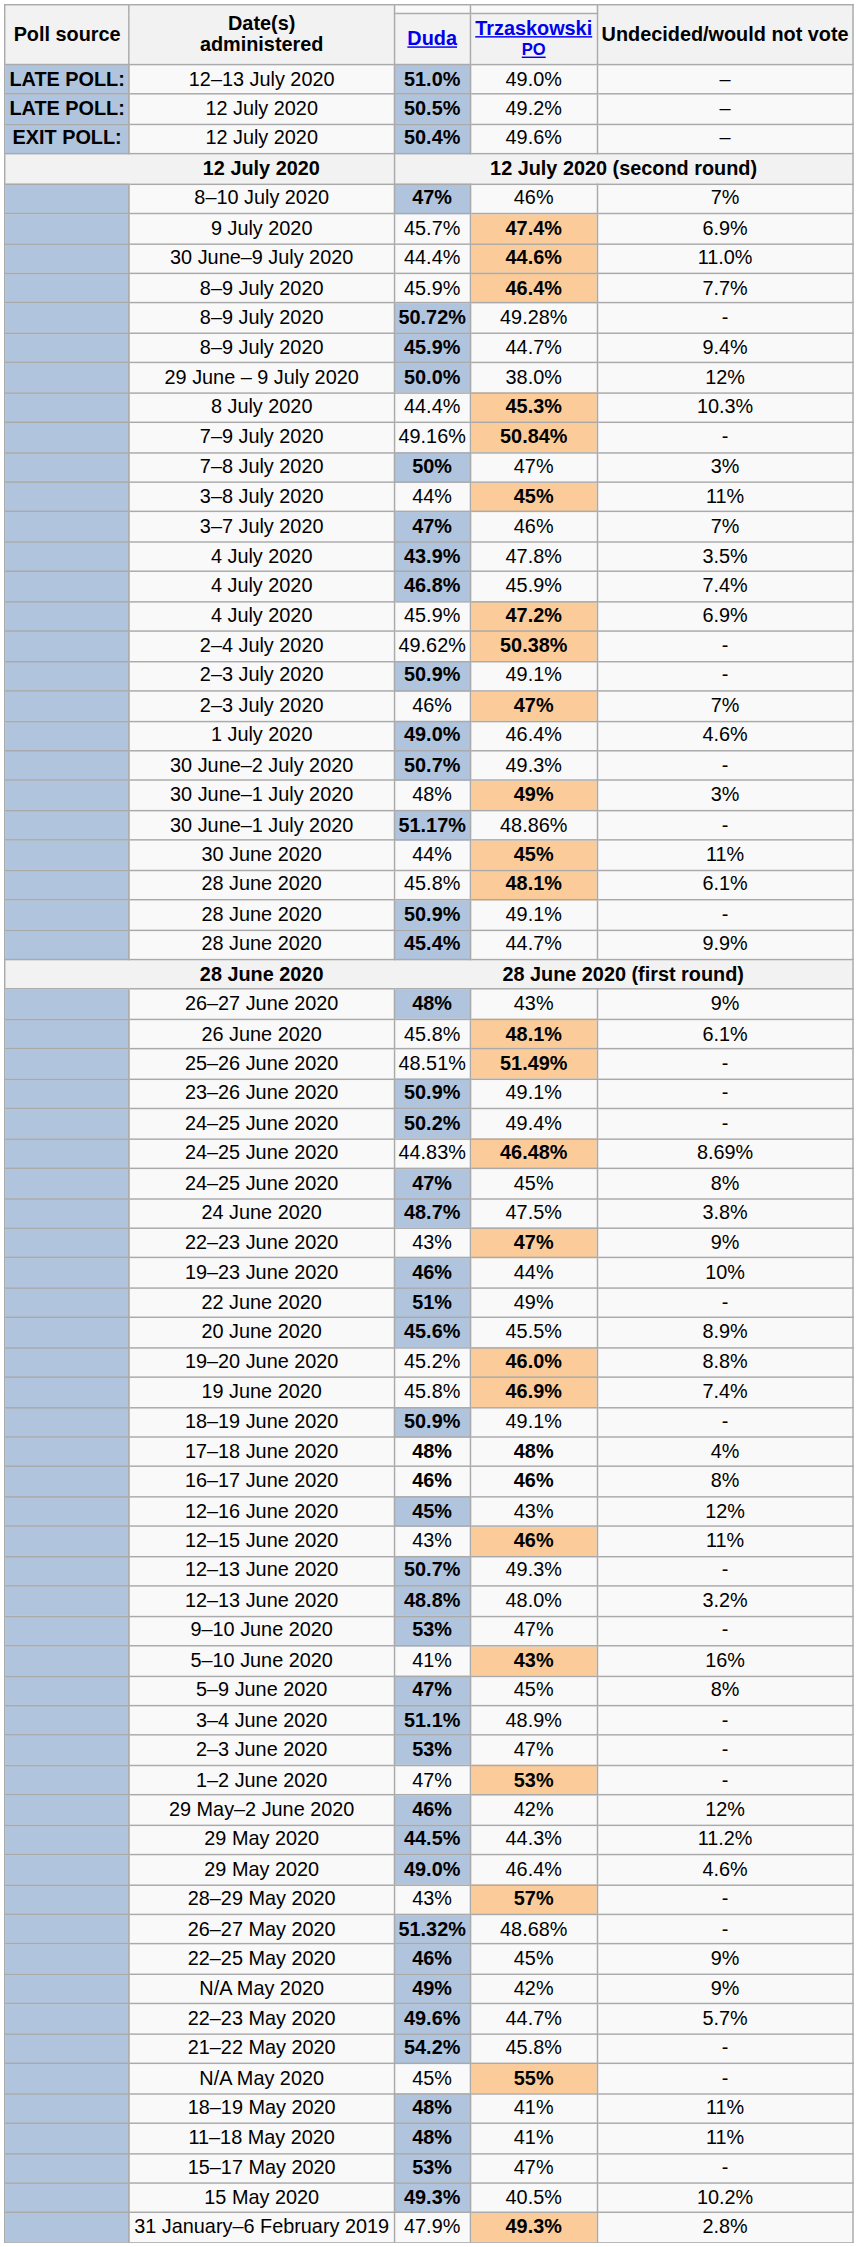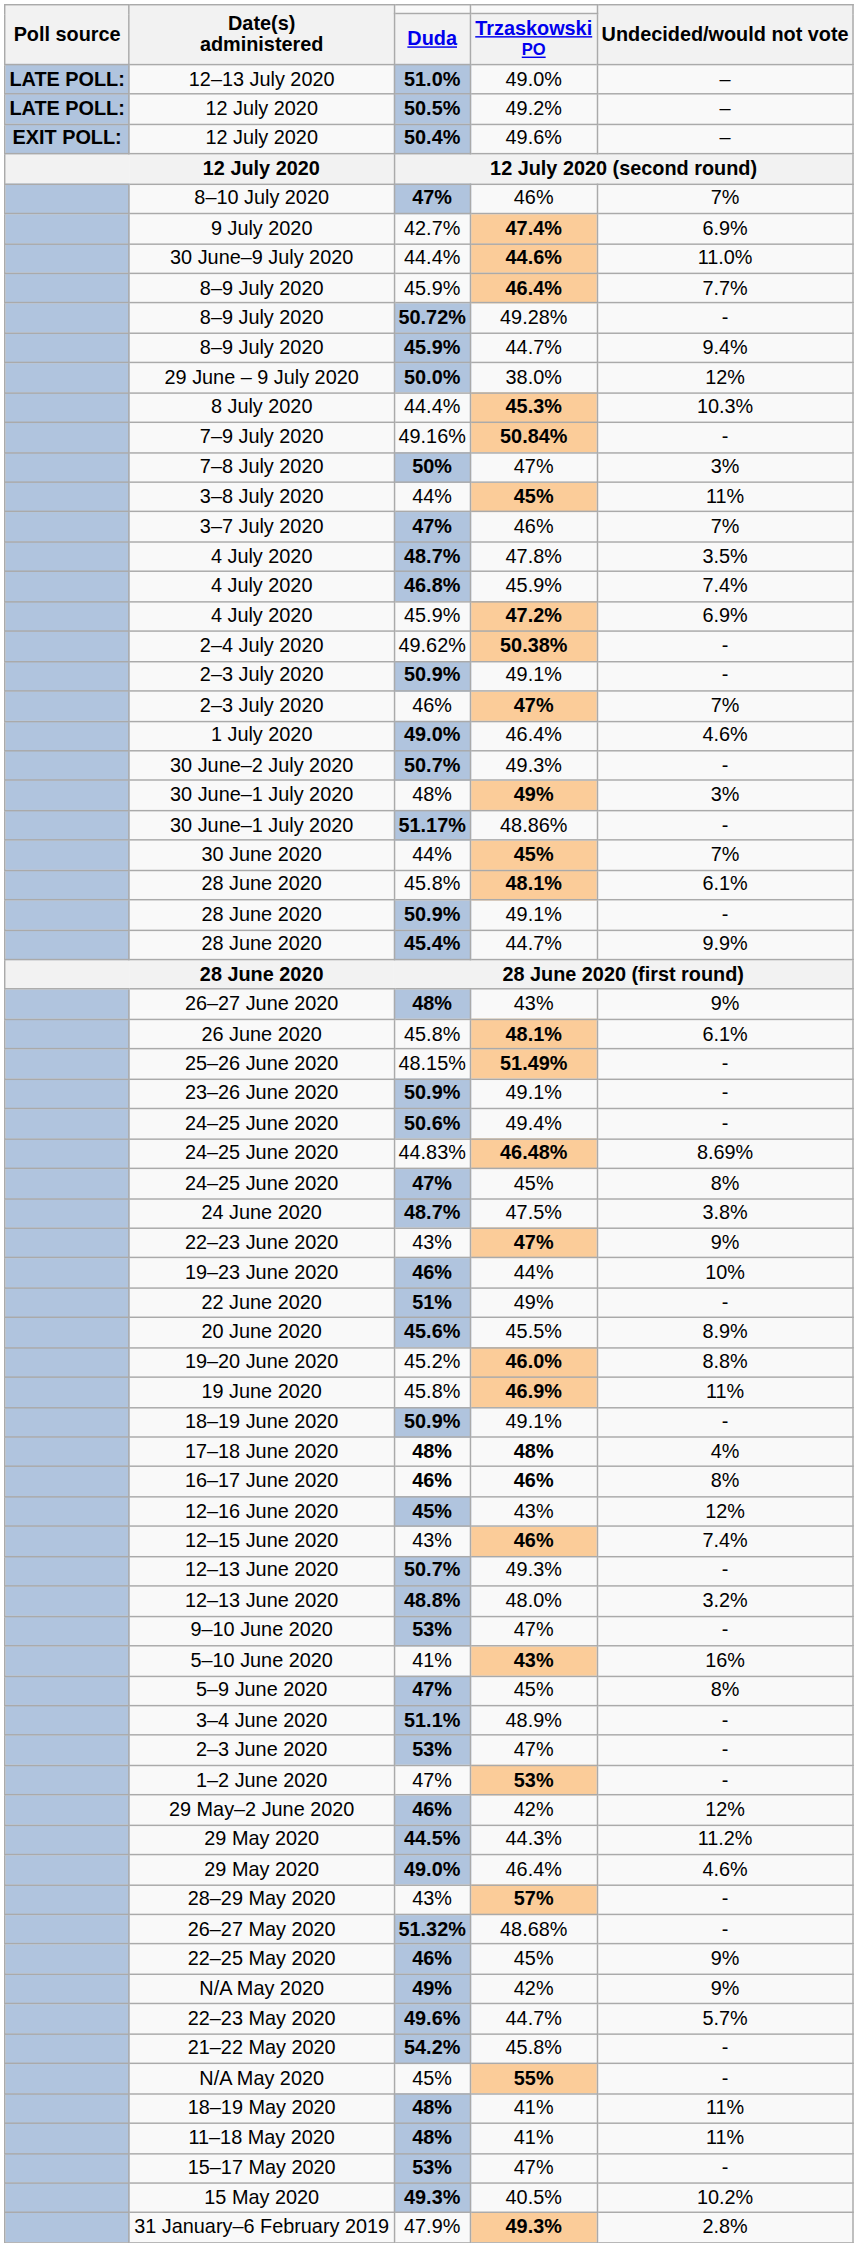 <table class="wikitable" style="text-align:center;font-size:85%;line-height:14px;">
 <tr>
 <th rowspan="2">Poll source</th>
 <th rowspan="2">Date(s)<br>administered</th>
 <td></td>
 <td></td>
 <th rowspan="2">Undecided/would not vote</th>
 </tr>
 <tr>
 <th><a href='#'>Duda</a><br></th>
 <th><a href='#'>Trzaskowski</a><br><small><a href='#'>PO</a></small></th>
 </tr>
 <tr>
 <td style="background:lightsteelblue;"><strong>LATE POLL:</strong><br> </td>
 <td>12–13 July 2020</td>
 <td style="background:lightsteelblue;"><strong>51.0%</strong></td>
 <td>49.0%</td>
 <td>–</td>
 </tr>
 <tr>
 <td style="background:lightsteelblue;"><strong>LATE POLL:</strong><br> </td>
 <td>12 July 2020</td>
 <td style="background:lightsteelblue;"><strong>50.5%</strong></td>
 <td>49.2%</td>
 <td>–</td>
 </tr>
 <tr>
 <td style="background:lightsteelblue;"><strong>EXIT POLL:</strong><br> </td>
 <td>12 July 2020</td>
 <td style="background:lightsteelblue;"><strong>50.4%</strong></td>
 <td>49.6%</td>
 <td>–</td>
 </tr>
 <tr>
 <th style="border-right-style:hidden;"></th>
 <th style="border-rightoran-style:hidden;" data-sort-value="2020-06-28">12 July 2020</th>
 <th colspan="8"><strong>12 July 2020 (second round)</strong></th>
 </tr>
 <tr>
 <td style="background:lightsteelblue;"></td>
 <td>8–10 July 2020</td>
 <td style="background:lightsteelblue;"><strong>47%</strong></td>
 <td>46%</td>
 <td>7%</td>
 </tr>
 <tr>
 <td style="background:lightsteelblue;"></td>
 <td>9 July 2020</td>
-<td>45.7%</td>
+<td>42.7%</td>
 <td style="background:#fbcc99;"><strong>47.4%</strong></td>
 <td>6.9%</td>
 </tr>
 <tr>
 <td style="background:lightsteelblue;"></td>
 <td>30 June–9 July 2020</td>
 <td>44.4%</td>
 <td style="background:#fbcc99;"><strong>44.6%</strong></td>
 <td>11.0%</td>
 </tr>
 <tr>
 <td style="background:lightsteelblue;"></td>
 <td>8–9 July 2020</td>
 <td>45.9%</td>
 <td style="background:#fbcc99;"><strong>46.4%</strong></td>
 <td>7.7%</td>
 </tr>
 <tr>
 <td style="background:lightsteelblue;"></td>
 <td>8–9 July 2020</td>
 <td style="background:lightsteelblue;"><strong>50.72%</strong></td>
 <td>49.28%</td>
 <td>-</td>
 </tr>
 <tr>
 <td style="background:lightsteelblue;"></td>
 <td>8–9 July 2020</td>
 <td style="background:lightsteelblue;"><strong>45.9%</strong></td>
 <td>44.7%</td>
 <td>9.4%</td>
 </tr>
 <tr>
 <td style="background:lightsteelblue;"></td>
 <td>29 June – 9 July 2020</td>
 <td style="background:lightsteelblue;"><strong>50.0%</strong></td>
 <td>38.0%</td>
 <td>12%</td>
 </tr>
 <tr>
 <td style="background:lightsteelblue;"></td>
 <td>8 July 2020</td>
 <td>44.4%</td>
 <td style="background:#fbcc99;"><strong>45.3%</strong></td>
 <td>10.3%</td>
 </tr>
 <tr>
 <td style="background:lightsteelblue;"></td>
 <td>7–9 July 2020</td>
 <td>49.16%</td>
 <td style="background:#fbcc99;"><strong>50.84%</strong></td>
 <td>-</td>
 </tr>
 <tr>
 <td style="background:lightsteelblue;"></td>
 <td>7–8 July 2020</td>
 <td style="background:lightsteelblue;"><strong>50%</strong></td>
 <td>47%</td>
 <td>3%</td>
 </tr>
 <tr>
 <td style="background:lightsteelblue;"></td>
 <td>3–8 July 2020</td>
 <td>44%</td>
 <td style="background:#fbcc99;"><strong>45%</strong></td>
 <td>11%</td>
 </tr>
 <tr>
 <td style="background:lightsteelblue;"></td>
 <td>3–7 July 2020</td>
 <td style="background:lightsteelblue;"><strong>47%</strong></td>
 <td>46%</td>
 <td>7%</td>
 </tr>
 <tr>
 <td style="background:lightsteelblue;"></td>
 <td>4 July 2020</td>
-<td style="background:lightsteelblue;"><strong>43.9%</strong></td>
+<td style="background:lightsteelblue;"><strong>48.7%</strong></td>
 <td>47.8%</td>
 <td>3.5%</td>
 </tr>
 <tr>
 <td style="background:lightsteelblue;"></td>
 <td>4 July 2020</td>
 <td style="background:lightsteelblue;"><strong>46.8%</strong></td>
 <td>45.9%</td>
 <td>7.4%</td>
 </tr>
 <tr>
 <td style="background:lightsteelblue;"></td>
 <td>4 July 2020</td>
 <td>45.9%</td>
 <td style="background:#fbcc99;"><strong>47.2%</strong></td>
 <td>6.9%</td>
 </tr>
 <tr>
 <td style="background:lightsteelblue;"></td>
 <td>2–4 July 2020</td>
 <td>49.62%</td>
 <td style="background:#fbcc99;"><strong>50.38%</strong></td>
 <td>-</td>
 </tr>
 <tr>
 <td style="background:lightsteelblue;"></td>
 <td>2–3 July 2020</td>
 <td style="background:lightsteelblue;"><strong>50.9%</strong></td>
 <td>49.1%</td>
 <td>-</td>
 </tr>
 <tr>
 <td style="background:lightsteelblue;"></td>
 <td>2–3 July 2020</td>
 <td>46%</td>
 <td style="background:#fbcc99;"><strong>47%</strong></td>
 <td>7%</td>
 </tr>
 <tr>
 <td style="background:lightsteelblue;"></td>
 <td>1 July 2020</td>
 <td style="background:lightsteelblue;"><strong>49.0%</strong></td>
 <td>46.4%</td>
 <td>4.6%</td>
 </tr>
 <tr>
 <td style="background:lightsteelblue;"></td>
 <td>30 June–2 July 2020</td>
 <td style="background:lightsteelblue;"><strong>50.7%</strong></td>
 <td>49.3%</td>
 <td>-</td>
 </tr>
 <tr>
 <td style="background:lightsteelblue;"></td>
 <td>30 June–1 July 2020</td>
 <td>48%</td>
 <td style="background:#fbcc99;"><strong>49%</strong></td>
 <td>3%</td>
 </tr>
 <tr>
 <td style="background:lightsteelblue;"></td>
 <td>30 June–1 July 2020</td>
 <td style="background:lightsteelblue;"><strong>51.17%</strong></td>
 <td>48.86%</td>
 <td>-</td>
 </tr>
 <tr>
 <td style="background:lightsteelblue;"></td>
 <td>30 June 2020</td>
 <td>44%</td>
 <td style="background:#fbcc99;"><strong>45%</strong></td>
-<td>11%</td>
+<td>7%</td>
 </tr>
 <tr>
 <td style="background:lightsteelblue;"></td>
 <td>28 June 2020</td>
 <td>45.8%</td>
 <td style="background:#fbcc99;"><strong>48.1%</strong></td>
 <td>6.1%</td>
 </tr>
 <tr>
 <td style="background:lightsteelblue;"></td>
 <td>28 June 2020</td>
 <td style="background:lightsteelblue;"><strong>50.9%</strong></td>
 <td>49.1%</td>
 <td>-</td>
 </tr>
 <tr>
 <td style="background:lightsteelblue;"></td>
 <td>28 June 2020</td>
 <td style="background:lightsteelblue;"><strong>45.4%</strong></td>
 <td>44.7%</td>
 <td>9.9%</td>
 </tr>
 <tr>
 <th style="border-right-style:hidden;"></th>
 <th style="border-right-style:hidden;" data-sort-value="2020-06-28">28 June 2020</th>
 <th colspan="3"><strong>28 June 2020 (first round)</strong></th>
 </tr>
 <tr>
 <td style="background:lightsteelblue;"></td>
 <td>26–27 June 2020</td>
 <td style="background:lightsteelblue;"><strong>48%</strong></td>
 <td>43%</td>
 <td>9%</td>
 </tr>
 <tr>
 <td style="background:lightsteelblue;"></td>
 <td>26 June 2020</td>
 <td>45.8%</td>
 <td style="background:#fbcc99;"><strong>48.1%</strong></td>
 <td>6.1%</td>
 </tr>
 <tr>
 <td style="background:lightsteelblue;"></td>
 <td>25–26 June 2020</td>
-<td>48.51%</td>
+<td>48.15%</td>
 <td style="background:#fbcc99;"><strong>51.49%</strong></td>
 <td>-</td>
 </tr>
 <tr>
 <td style="background:lightsteelblue;"></td>
 <td>23–26 June 2020</td>
 <td style="background:lightsteelblue;"><strong>50.9%</strong></td>
 <td>49.1%</td>
 <td>-</td>
 </tr>
 <tr>
 <td style="background:lightsteelblue;"></td>
 <td>24–25 June 2020</td>
-<td style="background:lightsteelblue;"><strong>50.2%</strong></td>
+<td style="background:lightsteelblue;"><strong>50.6%</strong></td>
 <td>49.4%</td>
 <td>-</td>
 </tr>
 <tr>
 <td style="background:lightsteelblue;"></td>
 <td>24–25 June 2020</td>
 <td>44.83%</td>
 <td style="background:#fbcc99;"><strong>46.48%</strong></td>
 <td>8.69%</td>
 </tr>
 <tr>
 <td style="background:lightsteelblue;"></td>
 <td>24–25 June 2020</td>
 <td style="background:lightsteelblue;"><strong>47%</strong></td>
 <td>45%</td>
 <td>8%</td>
 </tr>
 <tr>
 <td style="background:lightsteelblue;"></td>
 <td>24 June 2020</td>
 <td style="background:lightsteelblue;"><strong>48.7%</strong></td>
 <td>47.5%</td>
 <td>3.8%</td>
 </tr>
 <tr>
 <td style="background:lightsteelblue;"></td>
 <td>22–23 June 2020</td>
 <td>43%</td>
 <td style="background:#fbcc99;"><strong>47%</strong></td>
 <td>9%</td>
 </tr>
 <tr>
 <td style="background:lightsteelblue;"></td>
 <td>19–23 June 2020</td>
 <td style="background:lightsteelblue;"><strong>46%</strong></td>
 <td>44%</td>
 <td>10%</td>
 </tr>
 <tr>
 <td style="background:lightsteelblue;"></td>
 <td>22 June 2020</td>
 <td style="background:lightsteelblue;"><strong>51%</strong></td>
 <td>49%</td>
 <td>-</td>
 </tr>
 <tr>
 <td style="background:lightsteelblue;"></td>
 <td>20 June 2020</td>
 <td style="background:lightsteelblue;"><strong>45.6%</strong></td>
 <td>45.5%</td>
 <td>8.9%</td>
 </tr>
 <tr>
 <td style="background:lightsteelblue;"></td>
 <td>19–20 June 2020</td>
 <td>45.2%</td>
 <td style="background:#fbcc99;"><strong>46.0%</strong></td>
 <td>8.8%</td>
 </tr>
 <tr>
 <td style="background:lightsteelblue;"></td>
 <td>19 June 2020</td>
 <td>45.8%</td>
 <td style="background:#fbcc99;"><strong>46.9%</strong></td>
-<td>7.4%</td>
+<td>11%</td>
 </tr>
 <tr>
 <td style="background:lightsteelblue;"></td>
 <td>18–19 June 2020</td>
 <td style="background:lightsteelblue;"><strong>50.9%</strong></td>
 <td>49.1%</td>
 <td>-</td>
 </tr>
 <tr>
 <td style="background:lightsteelblue;"></td>
 <td>17–18 June 2020</td>
 <td><strong>48%</strong></td>
 <td><strong>48%</strong></td>
 <td>4%</td>
 </tr>
 <tr>
 <td style="background:lightsteelblue;"></td>
 <td>16–17 June 2020</td>
 <td><strong>46%</strong></td>
 <td><strong>46%</strong></td>
 <td>8%</td>
 </tr>
 <tr>
 <td style="background:lightsteelblue;"></td>
 <td>12–16 June 2020</td>
 <td style="background:lightsteelblue;"><strong>45%</strong></td>
 <td>43%</td>
 <td>12%</td>
 </tr>
 <tr>
 <td style="background:lightsteelblue;"></td>
 <td>12–15 June 2020</td>
 <td>43%</td>
 <td style="background:#fbcc99;"><strong>46%</strong></td>
-<td>11%</td>
+<td>7.4%</td>
 </tr>
 <tr>
 <td style="background:lightsteelblue;"></td>
 <td>12–13 June 2020</td>
 <td style="background:lightsteelblue;"><strong>50.7%</strong></td>
 <td>49.3%</td>
 <td>-</td>
 </tr>
 <tr>
 <td style="background:lightsteelblue;"></td>
 <td>12–13 June 2020</td>
 <td style="background:lightsteelblue;"><strong>48.8%</strong></td>
 <td>48.0%</td>
 <td>3.2%</td>
 </tr>
 <tr>
 <td style="background:lightsteelblue;"></td>
 <td>9–10 June 2020</td>
 <td style="background:lightsteelblue;"><strong>53%</strong></td>
 <td>47%</td>
 <td>-</td>
 </tr>
 <tr>
 <td style="background:lightsteelblue;"></td>
 <td>5–10 June 2020</td>
 <td>41%</td>
 <td style="background:#fbcc99;"><strong>43%</strong></td>
 <td>16%</td>
 </tr>
 <tr>
 <td style="background:lightsteelblue;"></td>
 <td>5–9 June 2020</td>
 <td style="background:lightsteelblue;"><strong>47%</strong></td>
 <td>45%</td>
 <td>8%</td>
 </tr>
 <tr>
 <td style="background:lightsteelblue;"></td>
 <td>3–4 June 2020</td>
 <td style="background:lightsteelblue;"><strong>51.1%</strong></td>
 <td>48.9%</td>
 <td>-</td>
 </tr>
 <tr>
 <td style="background:lightsteelblue;"></td>
 <td>2–3 June 2020</td>
 <td style="background:lightsteelblue;"><strong>53%</strong></td>
 <td>47%</td>
 <td>-</td>
 </tr>
 <tr>
 <td style="background:lightsteelblue;"></td>
 <td>1–2 June 2020</td>
 <td>47%</td>
 <td style="background:#fbcc99;"><strong>53%</strong></td>
 <td>-</td>
 </tr>
 <tr>
 <td style="background:lightsteelblue;"></td>
 <td>29 May–2 June 2020</td>
 <td style="background:lightsteelblue;"><strong>46%</strong></td>
 <td>42%</td>
 <td>12%</td>
 </tr>
 <tr>
 <td style="background:lightsteelblue;"></td>
 <td>29 May 2020</td>
 <td style="background:lightsteelblue;"><strong>44.5%</strong></td>
 <td>44.3%</td>
 <td>11.2%</td>
 </tr>
 <tr>
 <td style="background:lightsteelblue;"></td>
 <td>29 May 2020</td>
 <td style="background:lightsteelblue;"><strong>49.0%</strong></td>
 <td>46.4%</td>
 <td>4.6%</td>
 </tr>
 <tr>
 <td style="background:lightsteelblue;"></td>
 <td>28–29 May 2020</td>
 <td>43%</td>
 <td style="background:#fbcc99;"><strong>57%</strong></td>
 <td>-</td>
 </tr>
 <tr>
 <td style="background:lightsteelblue;"></td>
 <td>26–27 May 2020</td>
 <td style="background:lightsteelblue;"><strong>51.32%</strong></td>
 <td>48.68%</td>
 <td>-</td>
 </tr>
 <tr>
 <td style="background:lightsteelblue;"></td>
 <td>22–25 May 2020</td>
 <td style="background:lightsteelblue;"><strong>46%</strong></td>
 <td>45%</td>
 <td>9%</td>
 </tr>
 <tr>
 <td style="background:lightsteelblue;"></td>
 <td>N/A May 2020</td>
 <td style="background:lightsteelblue;"><strong>49%</strong></td>
 <td>42%</td>
 <td>9%</td>
 </tr>
 <tr>
 <td style="background:lightsteelblue;"></td>
 <td>22–23 May 2020</td>
 <td style="background:lightsteelblue;"><strong>49.6%</strong></td>
 <td>44.7%</td>
 <td>5.7%</td>
 </tr>
 <tr>
 <td style="background:lightsteelblue;"></td>
 <td>21–22 May 2020</td>
 <td style="background:lightsteelblue;"><strong>54.2%</strong></td>
 <td>45.8%</td>
 <td>-</td>
 </tr>
 <tr>
 <td style="background:lightsteelblue;"></td>
 <td>N/A May 2020</td>
 <td>45%</td>
 <td style="background:#fbcc99;"><strong>55%</strong></td>
 <td>-</td>
 </tr>
 <tr>
 <td style="background:lightsteelblue;"></td>
 <td>18–19 May 2020</td>
 <td style="background:lightsteelblue;"><strong>48%</strong></td>
 <td>41%</td>
 <td>11%</td>
 </tr>
 <tr>
 <td style="background:lightsteelblue;"></td>
 <td>11–18 May 2020</td>
 <td style="background:lightsteelblue;"><strong>48%</strong></td>
 <td>41%</td>
 <td>11%</td>
 </tr>
 <tr>
 <td style="background:lightsteelblue;"></td>
 <td>15–17 May 2020</td>
 <td style="background:lightsteelblue;"><strong>53%</strong></td>
 <td>47%</td>
 <td>-</td>
 </tr>
 <tr>
 <td style="background:lightsteelblue;"></td>
 <td>15 May 2020</td>
 <td style="background:lightsteelblue;"><strong>49.3%</strong></td>
 <td>40.5%</td>
 <td>10.2%</td>
 </tr>
 <tr>
 <td style="background:lightsteelblue;"></td>
 <td>31 January–6 February 2019</td>
 <td>47.9%</td>
 <td style="background:#fbcc99;"><strong>49.3%</strong></td>
 <td>2.8%</td>
 </tr>
 </table>
